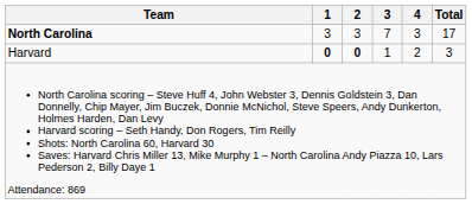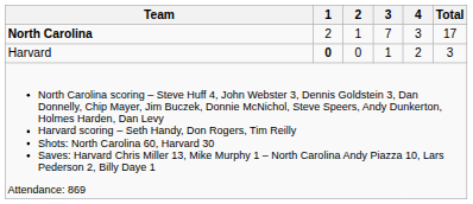 <table class="wikitable" style="text-align:center; max-width:45em">
 <tr>
 <th>Team</th>
 <th style="width:2em">1</th>
 <th style="width:2em">2</th>
 <th style="width:2em">3</th>
 <th style="width:2em">4</th>
 <th style="width:2em">Total</th>
 </tr>
 <tr>
 <td style="text-align:left"><strong>North Carolina</strong></td>
-<td>3</td>
-<td>3</td>
+<td>2</td>
+<td>1</td>
 <td>7</td>
 <td>3</td>
 <td>17</td>
 </tr>
 <tr>
 <td style="text-align:left">Harvard</td>
 <td><strong>0</strong></td>
-<td><strong>0</strong></td>
+<td>0</td>
 <td>1</td>
 <td>2</td>
 <td>3</td>
 </tr>
 <tr>
 <td colspan=6 style="text-align:left; font-size:88%;"><br><ul><li>North Carolina scoring – Steve Huff 4, John Webster 3, Dennis Goldstein 3, Dan Donnelly, Chip Mayer, Jim Buczek, Donnie McNichol, Steve Speers, Andy Dunkerton, Holmes Harden, Dan Levy</li><li>Harvard scoring – Seth Handy, Don Rogers, Tim Reilly</li><li>Shots: North Carolina 60, Harvard 30</li><li>Saves: Harvard Chris Miller 13, Mike Murphy 1 – North Carolina Andy Piazza 10, Lars Pederson 2, Billy Daye 1</li></ul>Attendance: 869 </td>
 </tr>
 </table>
